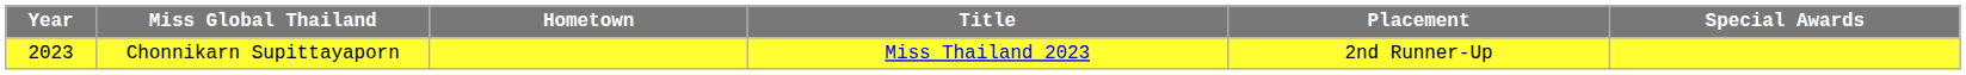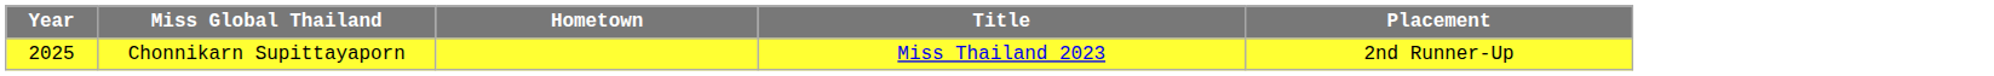 <table class="wikitable sortable" style="font-size: 90%; text-align:center">
 <tr>
 <th width="50" style="background-color:#787878;color:#FFFFFF;">Year</th>
 <th width="200" style="background-color:#787878;color:#FFFFFF;">Miss Global Thailand</th>
 <th width="190" style="background-color:#787878;color:#FFFFFF;">Hometown</th>
 <th width="290" style="background-color:#787878;color:#FFFFFF;">Title</th>
 <th width="230" style="background-color:#787878;color:#FFFFFF;">Placement</th>
-<th width="210" style="background-color:#787878;color:#FFFFFF;">Special Awards</th>
 </tr>
 <tr style="background-color:#FFFF33;: bold">
-<td>2023</td>
+<td>2025</td>
 <td>Chonnikarn Supittayaporn</td>
 <td align=left></td>
 <td><a href='#'>Miss Thailand 2023</a></td>
 <td>2nd Runner-Up</td>
-<td></td>
 </tr>
 </table>
